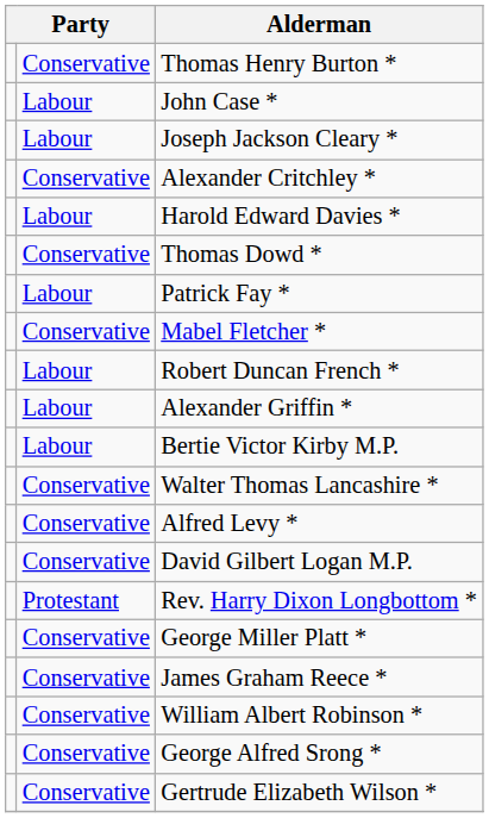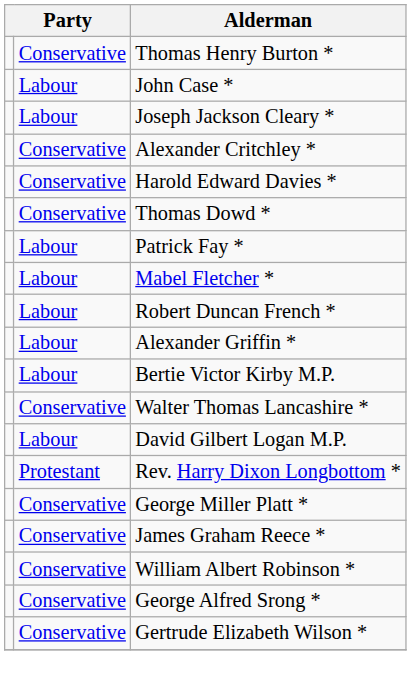 <table class="wikitable">
 <tr>
 <th colspan="2">Party</th>
 <th>Alderman</th>
 </tr>
 <tr>
 <td style="background-color:"></td>
 <td><a href='#'>Conservative</a></td>
 <td>Thomas Henry Burton *</td>
 </tr>
 <tr>
 <td style="background-color:"></td>
 <td><a href='#'>Labour</a></td>
 <td>John Case *</td>
 </tr>
 <tr>
 <td style="background-color:"></td>
 <td><a href='#'>Labour</a></td>
 <td>Joseph Jackson Cleary *</td>
 </tr>
 <tr>
 <td style="background-color:"></td>
 <td><a href='#'>Conservative</a></td>
 <td>Alexander Critchley *</td>
 </tr>
 <tr>
 <td style="background-color:"></td>
-<td><a href='#'>Labour</a></td>
+<td><a href='#'>Conservative</a></td>
 <td>Harold Edward Davies *</td>
 </tr>
 <tr>
 <td style="background-color:"></td>
 <td><a href='#'>Conservative</a></td>
 <td>Thomas Dowd *</td>
 </tr>
 <tr>
 <td style="background-color:"></td>
 <td><a href='#'>Labour</a></td>
 <td>Patrick Fay *</td>
 </tr>
 <tr>
 <td style="background-color:"></td>
-<td><a href='#'>Conservative</a></td>
+<td><a href='#'>Labour</a></td>
 <td><a href='#'>Mabel Fletcher</a> *</td>
 </tr>
 <tr>
 <td style="background-color:"></td>
 <td><a href='#'>Labour</a></td>
 <td>Robert Duncan French *</td>
 </tr>
 <tr>
 <td style="background-color:"></td>
 <td><a href='#'>Labour</a></td>
 <td>Alexander Griffin *</td>
 </tr>
 <tr>
 <td style="background-color:"></td>
 <td><a href='#'>Labour</a></td>
 <td>Bertie Victor Kirby M.P.</td>
 </tr>
 <tr>
 <td style="background-color:"></td>
 <td><a href='#'>Conservative</a></td>
 <td>Walter Thomas Lancashire *</td>
 </tr>
 <tr>
 <td style="background-color:"></td>
-<td><a href='#'>Conservative</a></td>
-<td>Alfred Levy *</td>
-</tr>
-<tr>
-<td style="background-color:"></td>
-<td><a href='#'>Conservative</a></td>
+<td><a href='#'>Labour</a></td>
 <td>David Gilbert Logan M.P.</td>
 </tr>
 <tr>
 <td style="background-color:"></td>
 <td><a href='#'>Protestant</a></td>
 <td>Rev. <a href='#'>Harry Dixon Longbottom</a> *</td>
 </tr>
 <tr>
 <td style="background-color:"></td>
 <td><a href='#'>Conservative</a></td>
 <td>George Miller Platt *</td>
 </tr>
 <tr>
 <td style="background-color:"></td>
 <td><a href='#'>Conservative</a></td>
 <td>James Graham Reece *</td>
 </tr>
 <tr>
 <td style="background-color:"></td>
 <td><a href='#'>Conservative</a></td>
 <td>William Albert Robinson *</td>
 </tr>
 <tr>
 <td style="background-color:"></td>
 <td><a href='#'>Conservative</a></td>
 <td>George Alfred Srong *</td>
 </tr>
 <tr>
 <td style="background-color:"></td>
 <td><a href='#'>Conservative</a></td>
 <td>Gertrude Elizabeth Wilson *</td>
 </tr>
 <tr>
 </tr>
 </table>
